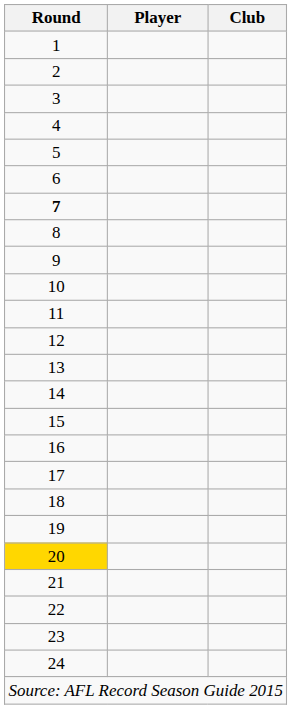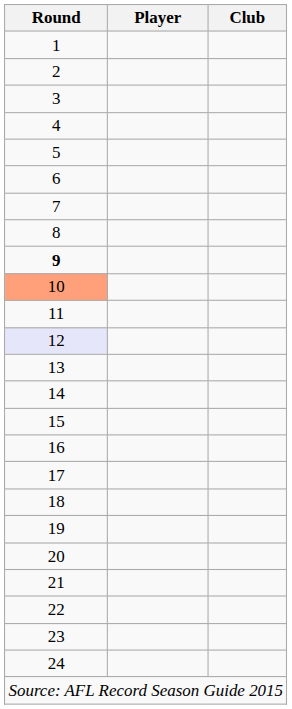 <table class="wikitable sortable" style="text-align:center">
 <tr>
 <th>Round</th>
 <th>Player</th>
 <th>Club</th>
 </tr>
 <tr>
 <td>1</td>
 <td></td>
 <td></td>
 </tr>
 <tr>
 <td>2</td>
 <td></td>
 <td></td>
 </tr>
 <tr>
 <td>3</td>
 <td></td>
 <td></td>
 </tr>
 <tr>
 <td>4</td>
 <td></td>
 <td></td>
 </tr>
 <tr>
 <td>5</td>
 <td></td>
 <td></td>
 </tr>
 <tr>
 <td>6</td>
 <td></td>
 <td></td>
 </tr>
 <tr>
-<td><strong>7</strong></td>
+<td>7</td>
 <td><strong></strong></td>
 <td><strong></strong></td>
 </tr>
 <tr>
 <td>8</td>
 <td></td>
 <td></td>
 </tr>
 <tr>
-<td>9</td>
+<td><strong>9</strong></td>
 <td></td>
 <td></td>
 </tr>
 <tr>
-<td>10</td>
+<td style="background: lightsalmon;">10</td>
 <td></td>
 <td></td>
 </tr>
 <tr>
 <td>11</td>
 <td></td>
 <td></td>
 </tr>
 <tr>
-<td>12</td>
+<td style="background: lavender;">12</td>
 <td></td>
 <td></td>
 </tr>
 <tr>
 <td>13</td>
 <td></td>
 <td></td>
 </tr>
 <tr>
 <td>14</td>
 <td></td>
 <td></td>
 </tr>
 <tr>
 <td>15</td>
 <td></td>
 <td></td>
 </tr>
 <tr>
 <td>16</td>
 <td></td>
 <td></td>
 </tr>
 <tr>
 <td>17</td>
 <td></td>
 <td></td>
 </tr>
 <tr>
 <td>18</td>
 <td></td>
 <td></td>
 </tr>
 <tr>
 <td>19</td>
 <td></td>
 <td></td>
 </tr>
 <tr>
-<td style="background: gold;">20</td>
+<td>20</td>
 <td></td>
 <td></td>
 </tr>
 <tr>
 <td>21</td>
 <td></td>
 <td></td>
 </tr>
 <tr>
 <td>22</td>
 <td></td>
 <td></td>
 </tr>
 <tr>
 <td>23</td>
 <td></td>
 <td></td>
 </tr>
 <tr>
 <td>24</td>
 <td></td>
 <td></td>
 </tr>
 <tr class="sortbottom">
 <td colspan=4><em>Source: AFL Record Season Guide 2015</em></td>
 </tr>
 </table>
